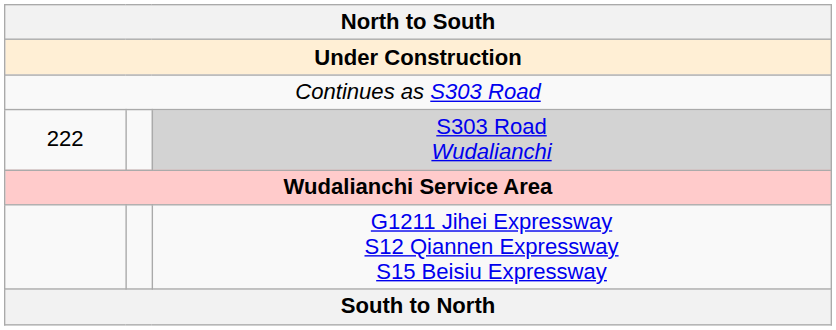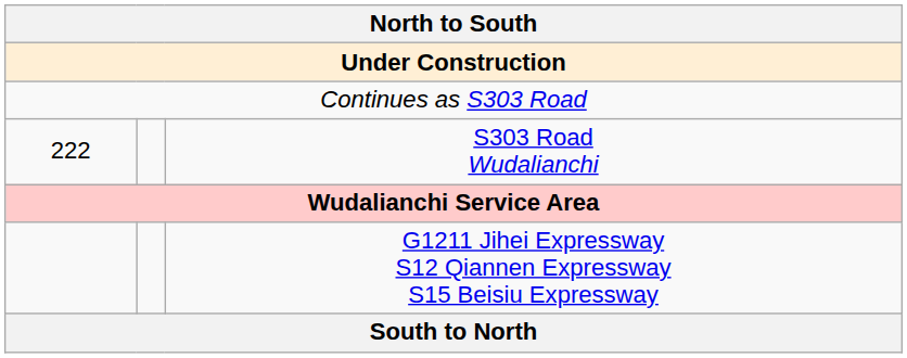 <table class="wikitable" style="text-align:center; width:600px;">
 <tr>
 <th colspan="3"> North to South </th>
 </tr>
 <tr>
 <td colspan="3"  style="background:#ffefd5;">  <strong>Under Construction</strong>  </td>
 </tr>
 <tr>
 <td colspan=6><em>Continues as  <a href='#'>S303 Road</a></em></td>
 </tr>
 <tr>
 <td>222</td>
 <td></td>
-<td style="background: lightgrey;"> <a href='#'>S303 Road</a><br><em><a href='#'>Wudalianchi</a></em></td>
+<td> <a href='#'>S303 Road</a><br><em><a href='#'>Wudalianchi</a></em></td>
 </tr>
 <tr>
 <td align="center" style="background:#FFCBCB;" colspan="7"> <strong>Wudalianchi Service Area</strong></td>
 </tr>
 <tr>
 <td></td>
 <td></td>
 <td> <a href='#'>G1211 Jihei Expressway</a><br> <a href='#'>S12 Qiannen Expressway</a><br> <a href='#'>S15 Beisiu Expressway</a></td>
 </tr>
 <tr>
 <th colspan="3"> South to North </th>
 </tr>
 </table>
